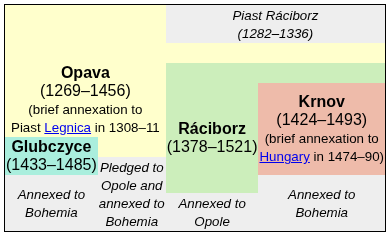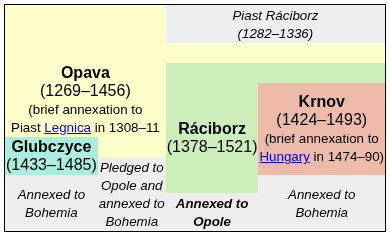 <table align="center" style="border-spacing: 0px; border: 1px solid black; text-align: center;">
 <tr>
 <td colspan=2 style="background: #ffc;">      </td>
 <td colspan=2 style="background: #eee;"><small><em>Piast Ráciborz<br>(1282–1336)</em></small></td>
 </tr>
 <tr>
 <td colspan=4 style="background: #ffc;">      </td>
 </tr>
 <tr>
 <td colspan=2 rowspan="2" style="background: #ffc;"><strong>Opava</strong><br>(1269–1456)<br><small>(brief annexation to<br>Piast <a href='#'>Legnica</a> in 1308–11</small></td>
 <td colspan=2 style="background: #ceb;">      </td>
 </tr>
 <tr>
 <td colspan=1 rowspan="4" style="background: #ceb;"><strong>Ráciborz</strong><br>(1378–1521)</td>
 <td colspan=1 rowspan="3" style="background: #eba;"><strong>Krnov</strong><br>(1424–1493)<br><small>(brief annexation to<br><a href='#'>Hungary</a> in 1474–90)</small></td>
 </tr>
 <tr>
 <td colspan=1 rowspan="2" style="background: #aed;"><strong>Glubczyce</strong><br>(1433–1485)</td>
 <td colspan=1 style="background: #ffc;">      </td>
 </tr>
 <tr>
 <td colspan=1 rowspan="3" style="background: #eee;"><small><em>Pledged to<br>Opole and<br>annexed to<br>Bohemia</em></small></td>
 </tr>
 <tr>
 <td colspan=1 rowspan="2" style="background: #eee;"><small><em>Annexed to<br>Bohemia</em></small></td>
 <td colspan=1 rowspan="2" style="background: #eee;"><small><em>Annexed to<br>Bohemia</em></small></td>
 </tr>
 <tr>
-<td colspan=1 style="background: #eee;"><small><em>Annexed to<br>Opole</em></small></td>
+<td colspan=1 style="background: #eee;"><strong><small><em>Annexed to<br>Opole</em></small></strong></td>
 </tr>
 </table>
